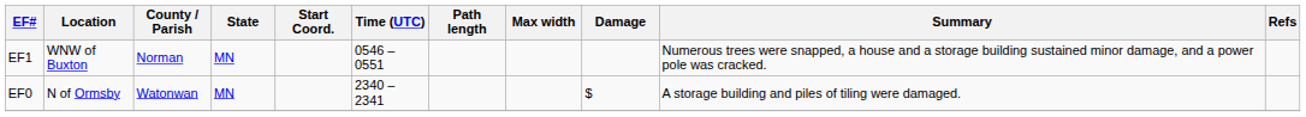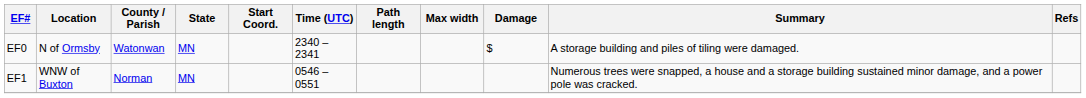 <table class="wikitable sortable" style="width:100%;">
 <tr>
 <th scope="col" width="3%" align="center"><a href='#'>EF#</a></th>
 <th scope="col" width="7%" align="center" class="unsortable">Location</th>
 <th scope="col" width="6%" align="center" class="unsortable">County / Parish</th>
 <th scope="col" width="5%" align="center">State</th>
 <th scope="col" width="6%" align="center">Start Coord.</th>
 <th scope="col" width="6%" align="center">Time (<a href='#'>UTC</a>)</th>
 <th scope="col" width="6%" align="center">Path length</th>
 <th scope="col" width="6%" align="center">Max width</th>
 <th scope="col" width="6%" align="center">Damage</th>
 <th scope="col" width="48%" class="unsortable" align="center">Summary</th>
 <th scope="col" width="48%" class="unsortable" align="center">Refs</th>
 </tr>
 <tr>
+<td>EF0</td>
+<td>N of <a href='#'>Ormsby</a></td>
+<td><a href='#'>Watonwan</a></td>
+<td><a href='#'>MN</a></td>
+<td></td>
+<td>2340 – 2341</td>
+<td></td>
+<td></td>
+<td>$</td>
+<td>A storage building and piles of tiling were damaged.</td>
+<td></td>
+</tr>
+<tr>
 <td>EF1</td>
 <td>WNW of <a href='#'>Buxton</a></td>
 <td><a href='#'>Norman</a></td>
 <td><a href='#'>MN</a></td>
 <td></td>
 <td>0546 – 0551</td>
 <td></td>
 <td></td>
 <td></td>
 <td>Numerous trees were snapped, a house and a storage building sustained minor damage, and a power pole was cracked.</td>
 <td></td>
 </tr>
 <tr>
-<td>EF0</td>
-<td>N of <a href='#'>Ormsby</a></td>
-<td><a href='#'>Watonwan</a></td>
-<td><a href='#'>MN</a></td>
-<td></td>
-<td>2340 – 2341</td>
-<td></td>
-<td></td>
-<td>$</td>
-<td>A storage building and piles of tiling were damaged.</td>
-<td></td>
-</tr>
-<tr>
 </tr>
 </table>
